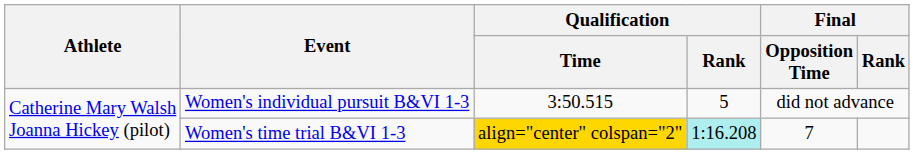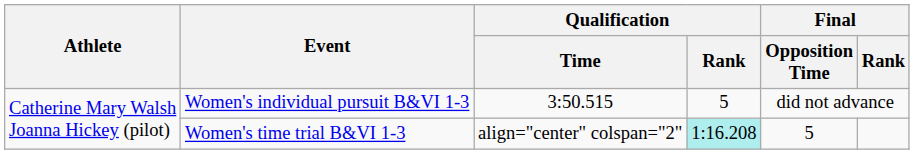 <table class=wikitable style="font-size:90%">
 <tr>
 <th rowspan="2">Athlete</th>
 <th rowspan="2">Event</th>
 <th colspan="2">Qualification</th>
 <th colspan="2">Final</th>
 </tr>
 <tr>
 <th>Time</th>
 <th>Rank</th>
 <th>Opposition<br>Time</th>
 <th>Rank</th>
 </tr>
 <tr>
 <td rowspan="2"><a href='#'>Catherine Mary Walsh</a><br> <a href='#'>Joanna Hickey</a> (pilot)</td>
 <td><a href='#'>Women's individual pursuit B&VI 1-3</a></td>
 <td align="center">3:50.515</td>
 <td align="center">5</td>
 <td align="center" colspan="2">did not advance</td>
 </tr>
 <tr>
 <td><a href='#'>Women's time trial B&VI 1-3</a></td>
-<td style="background: gold;">align="center" colspan="2" </td>
+<td>align="center" colspan="2" </td>
 <td align="center" style="background: paleturquoise;">1:16.208</td>
-<td align="center">7</td>
+<td align="center">5</td>
 </tr>
 </table>
